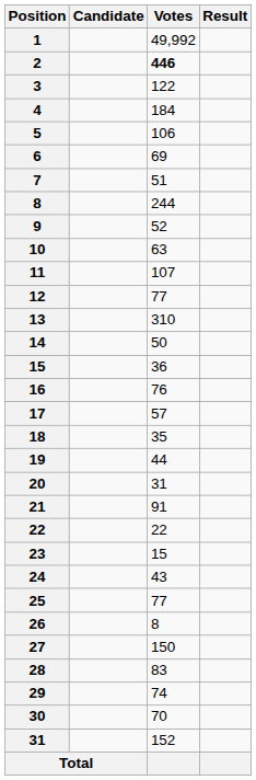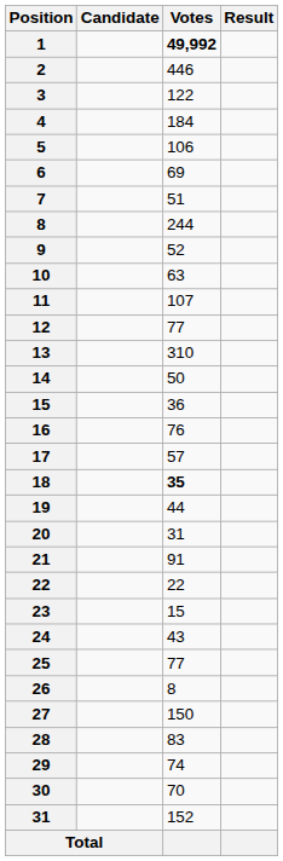 <table class="wikitable sortable col3right">
 <tr>
 <th scope="col">Position</th>
 <th scope="col">Candidate</th>
 <th scope="col">Votes</th>
 <th scope="col">Result</th>
 </tr>
 <tr>
 <th scope="row">1</th>
 <td></td>
-<td>49,992</td>
+<td><strong>49,992</strong></td>
 <td></td>
 </tr>
 <tr>
 <th scope="row">2</th>
 <td></td>
-<td><strong>446</strong></td>
+<td>446</td>
 <td></td>
 </tr>
 <tr>
 <th scope="row">3</th>
 <td></td>
 <td>122</td>
 <td></td>
 </tr>
 <tr>
 <th scope="row">4</th>
 <td></td>
 <td>184</td>
 <td></td>
 </tr>
 <tr>
 <th scope="row">5</th>
 <td></td>
 <td>106</td>
 <td></td>
 </tr>
 <tr>
 <th scope="row">6</th>
 <td></td>
 <td>69</td>
 <td></td>
 </tr>
 <tr>
 <th scope="row">7</th>
 <td></td>
 <td>51</td>
 <td></td>
 </tr>
 <tr>
 <th scope="row">8</th>
 <td></td>
 <td>244</td>
 <td></td>
 </tr>
 <tr>
 <th scope="row">9</th>
 <td></td>
 <td>52</td>
 <td></td>
 </tr>
 <tr>
 <th scope="row">10</th>
 <td></td>
 <td>63</td>
 <td></td>
 </tr>
 <tr>
 <th scope="row">11</th>
 <td></td>
 <td>107</td>
 <td></td>
 </tr>
 <tr>
 <th scope="row">12</th>
 <td></td>
 <td>77</td>
 <td></td>
 </tr>
 <tr>
 <th scope="row">13</th>
 <td></td>
 <td>310</td>
 <td></td>
 </tr>
 <tr>
 <th scope="row">14</th>
 <td></td>
 <td>50</td>
 <td></td>
 </tr>
 <tr>
 <th scope="row">15</th>
 <td></td>
 <td>36</td>
 <td></td>
 </tr>
 <tr>
 <th scope="row">16</th>
 <td></td>
 <td>76</td>
 <td></td>
 </tr>
 <tr>
 <th scope="row">17</th>
 <td></td>
 <td>57</td>
 <td></td>
 </tr>
 <tr>
 <th scope="row">18</th>
 <td></td>
-<td>35</td>
+<td><strong>35</strong></td>
 <td></td>
 </tr>
 <tr>
 <th scope="row">19</th>
 <td></td>
 <td>44</td>
 <td></td>
 </tr>
 <tr>
 <th scope="row">20</th>
 <td></td>
 <td>31</td>
 <td></td>
 </tr>
 <tr>
 <th scope="row">21</th>
 <td></td>
 <td>91</td>
 <td></td>
 </tr>
 <tr>
 <th scope="row">22</th>
 <td></td>
 <td>22</td>
 <td></td>
 </tr>
 <tr>
 <th scope="row">23</th>
 <td></td>
 <td>15</td>
 <td></td>
 </tr>
 <tr>
 <th scope="row">24</th>
 <td></td>
 <td>43</td>
 <td></td>
 </tr>
 <tr>
 <th scope="row">25</th>
 <td></td>
 <td>77</td>
 <td></td>
 </tr>
 <tr>
 <th scope="row">26</th>
 <td></td>
 <td>8</td>
 <td></td>
 </tr>
 <tr>
 <th scope="row">27</th>
 <td></td>
 <td>150</td>
 <td></td>
 </tr>
 <tr>
 <th scope="row">28</th>
 <td></td>
 <td>83</td>
 <td></td>
 </tr>
 <tr>
 <th scope="row">29</th>
 <td></td>
 <td>74</td>
 <td></td>
 </tr>
 <tr>
 <th scope="row">30</th>
 <td></td>
 <td>70</td>
 <td></td>
 </tr>
 <tr>
 <th scope="row">31</th>
 <td></td>
 <td>152</td>
 <td></td>
 </tr>
 <tr class="sortbottom">
 <th scope="row" colspan="2">Total</th>
 <th></th>
 <th></th>
 </tr>
 </table>
